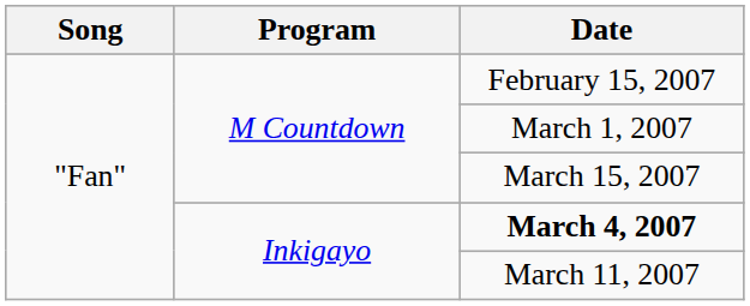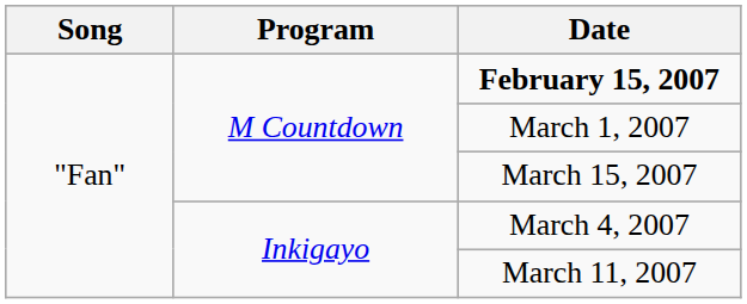 <table class="wikitable" style="text-align:center">
 <tr>
 <th width="80">Song</th>
 <th width="140">Program</th>
 <th width="140">Date</th>
 </tr>
 <tr>
 <td rowspan="5">"Fan"</td>
 <td rowspan="3"><em><a href='#'>M Countdown</a></em></td>
-<td>February 15, 2007</td>
+<td><strong>February 15, 2007</strong></td>
 </tr>
 <tr>
 <td>March 1, 2007</td>
 </tr>
 <tr>
 <td>March 15, 2007</td>
 </tr>
 <tr>
 <td rowspan="2"><em><a href='#'>Inkigayo</a></em></td>
-<td><strong>March 4, 2007</strong></td>
+<td>March 4, 2007</td>
 </tr>
 <tr>
 <td>March 11, 2007</td>
 </tr>
 </table>
